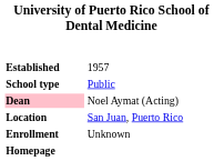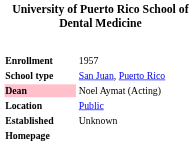 <table class="toccolours" style="float: right; margin-left: 1em; width: 20em; font-size: 90%; clear: right" cellspacing="3">
 <tr>
 <td colspan="2" style="text-align: center; font-size: larger;"><strong>University of Puerto Rico School of Dental Medicine</strong></td>
 </tr>
 <tr>
 <td colspan="2" style="padding: 1em 0; text-align: center;"></td>
 </tr>
 <tr style="vertical-align: top;">
-<td><strong>Established</strong></td>
+<td><strong>Enrollment</strong></td>
 <td style="padding-right: 1em;">1957</td>
 </tr>
 <tr style="vertical-align: top;">
 <td><strong>School type</strong></td>
-<td style="padding-right: 1em;"><a href='#'>Public</a></td>
+<td style="padding-right: 1em;"><a href='#'>San Juan</a>, <a href='#'>Puerto Rico</a></td>
 </tr>
 <tr style="vertical-align: top;">
 <td style="background: pink;"><strong>Dean</strong></td>
 <td style="padding-right: 1em;">Noel Aymat (Acting)</td>
 </tr>
 <tr style="vertical-align: top;">
 <td><strong>Location</strong></td>
-<td style="padding-right: 1em;"><a href='#'>San Juan</a>, <a href='#'>Puerto Rico</a></td>
+<td style="padding-right: 1em;"><a href='#'>Public</a></td>
 </tr>
 <tr style="vertical-align: top;">
-<td><strong>Enrollment</strong></td>
+<td><strong>Established</strong></td>
 <td style="padding-right: 1em;">Unknown</td>
 </tr>
 <tr style="vertical-align: top;">
 <td><strong>Homepage</strong></td>
 <td style="padding-right: 1em;"></td>
 </tr>
 <tr style="vertical-align: top;">
 </tr>
 </table>
